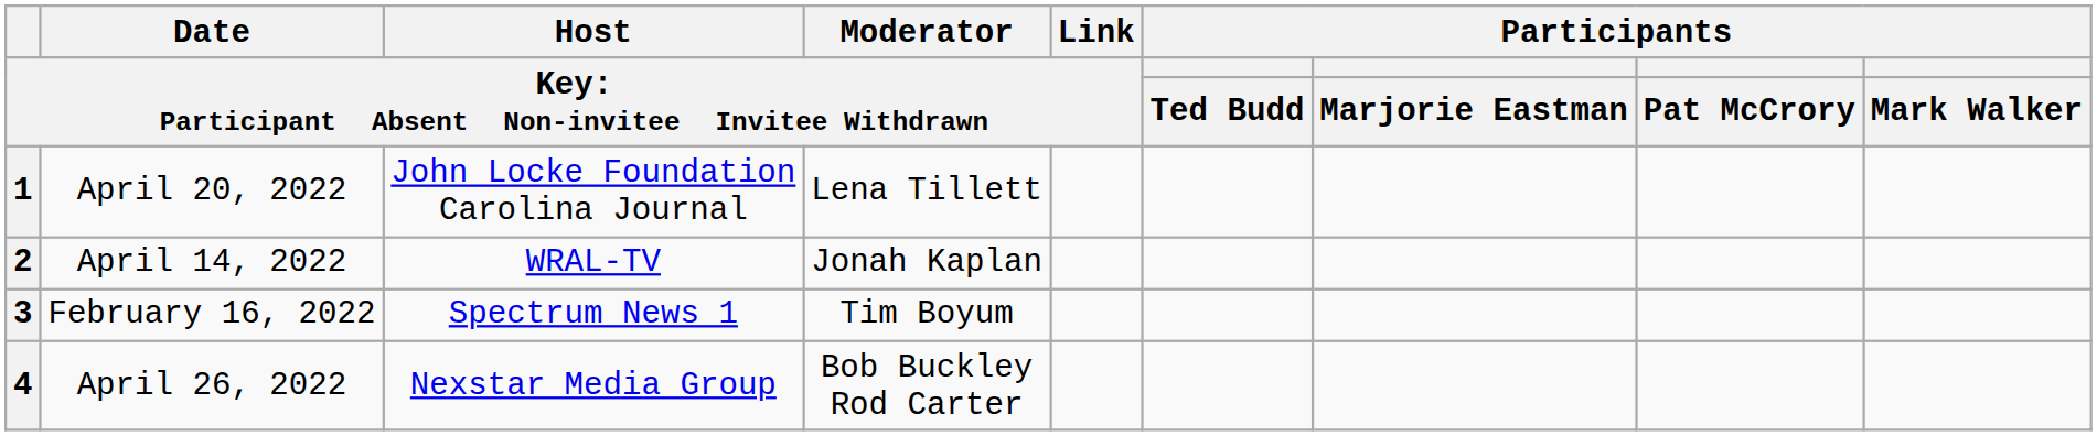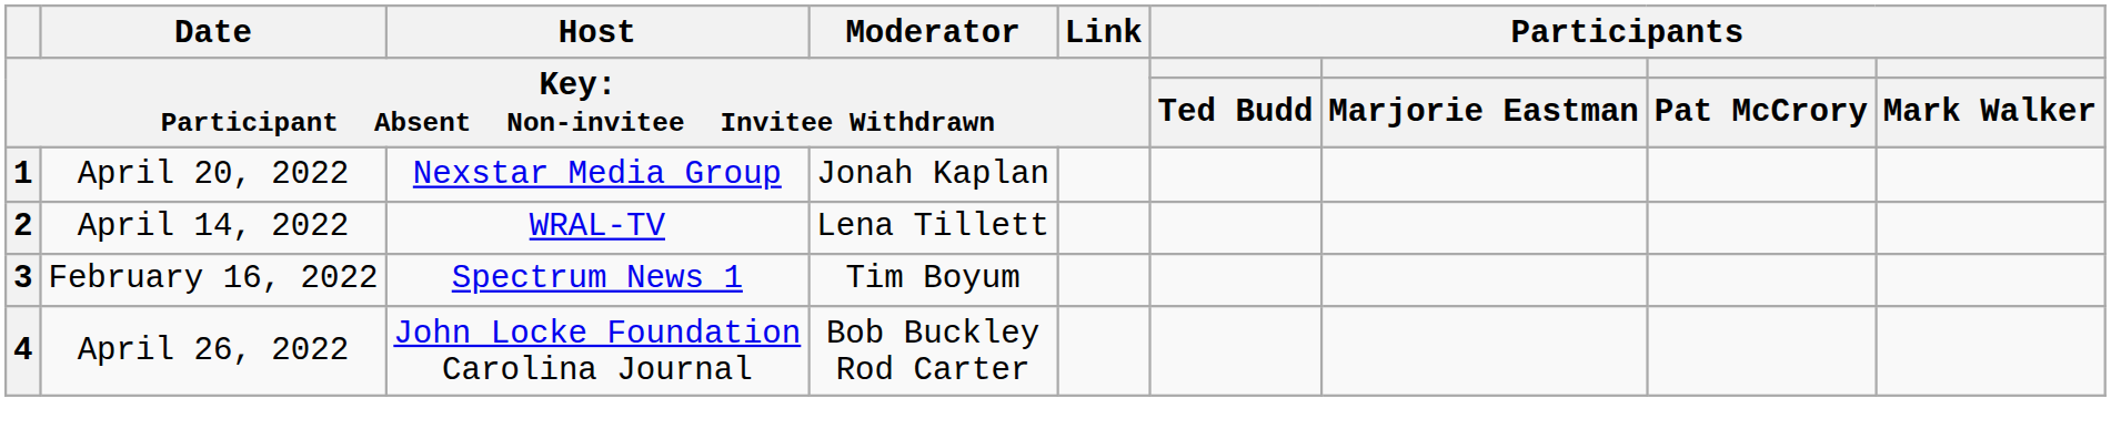 <table class="wikitable" style="text-align:center;">
 <tr>
 <th scope="col"></th>
 <th scope="col">Date</th>
 <th scope="col">Host</th>
 <th scope="col">Moderator</th>
 <th scope="col">Link</th>
 <th colspan="8" scope="col">Participants</th>
 </tr>
 <tr>
 <th colspan="5" rowspan="2">Key:<br> <small>Participant </small>  <small>Absent </small>  <small>Non-invitee </small>  <small>Invitee  Withdrawn</small></th>
 <th scope="col" style="background:"></th>
 <th scope="col" style="background:"></th>
 <th scope="col" style="background:"></th>
 <th scope="col" style="background:"></th>
 </tr>
 <tr>
 <th scope="col">Ted Budd</th>
 <th scope="col">Marjorie Eastman</th>
 <th scope="col">Pat McCrory</th>
 <th scope="col">Mark Walker</th>
 </tr>
 <tr>
 <th scope="row">1</th>
 <td style="white-space:nowrap;">April 20, 2022</td>
-<td style="white-space:nowrap;"><a href='#'>John Locke Foundation</a><br>Carolina Journal</td>
-<td style="white-space:nowrap;">Lena Tillett</td>
+<td style="white-space:nowrap;"><a href='#'>Nexstar Media Group</a></td>
+<td style="white-space:nowrap;">Jonah Kaplan</td>
 <td style="white-space:nowrap;"></td>
 <td></td>
 <td></td>
 <td></td>
 <td></td>
 </tr>
 <tr>
 <th scope="row">2</th>
 <td style="white-space:nowrap;">April 14, 2022</td>
 <td style="white-space:nowrap;"><a href='#'>WRAL-TV</a></td>
-<td style="white-space:nowrap;">Jonah Kaplan</td>
+<td style="white-space:nowrap;">Lena Tillett</td>
 <td style="white-space:nowrap;"></td>
 <td></td>
 <td></td>
 <td></td>
 <td></td>
 </tr>
 <tr>
 <th scope="row">3</th>
 <td style="white-space:nowrap;">February 16, 2022</td>
 <td style="white-space:nowrap;"><a href='#'>Spectrum News 1</a></td>
 <td style="white-space:nowrap;">Tim Boyum</td>
 <td style="white-space:nowrap;"></td>
 <td></td>
 <td></td>
 <td></td>
 <td></td>
 </tr>
 <tr>
 <th scope="row">4</th>
 <td style="white-space:nowrap;">April 26, 2022</td>
-<td style="white-space:nowrap;"><a href='#'>Nexstar Media Group</a></td>
+<td style="white-space:nowrap;"><a href='#'>John Locke Foundation</a><br>Carolina Journal</td>
 <td style="white-space:nowrap;">Bob Buckley<br>Rod Carter</td>
 <td style="white-space:nowrap;"></td>
 <td></td>
 <td></td>
 <td></td>
 <td></td>
 </tr>
 </table>
